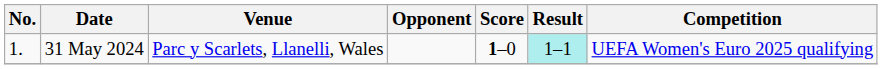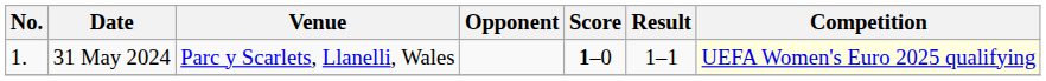 <table class="wikitable">
 <tr>
 <th>No.</th>
 <th>Date</th>
 <th>Venue</th>
 <th>Opponent</th>
 <th>Score</th>
 <th>Result</th>
 <th>Competition</th>
 </tr>
 <tr>
 <td>1.</td>
 <td>31 May 2024</td>
 <td><a href='#'>Parc y Scarlets</a>, <a href='#'>Llanelli</a>, Wales</td>
 <td></td>
 <td align=center><strong>1</strong>–0</td>
-<td align=center style="background: paleturquoise;">1–1</td>
-<td><a href='#'>UEFA Women's Euro 2025 qualifying</a></td>
+<td align=center>1–1</td>
+<td style="background: lightyellow;"><a href='#'>UEFA Women's Euro 2025 qualifying</a></td>
 </tr>
 <tr>
 </tr>
 </table>
